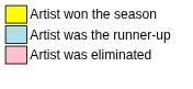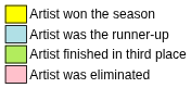 <table class="toccolours" style="font-size:90%; white-space: nowrap”">
 <tr>
 <td style="background:yellow; border:1px solid black">     </td>
 <td>Artist won the season</td>
 </tr>
 <tr>
 <td style="background:#b0e0e6; border:1px solid black">  </td>
 <td>Artist was the runner-up</td>
 </tr>
 <tr>
+<td style="background:#B2EC5D; border:1px solid black">  </td>
+<td>Artist finished in third place</td>
+</tr>
+<tr>
 <td style="background:pink; border:1px solid black">  </td>
 <td>Artist was eliminated</td>
 </tr>
 <tr>
 </tr>
 </table>
